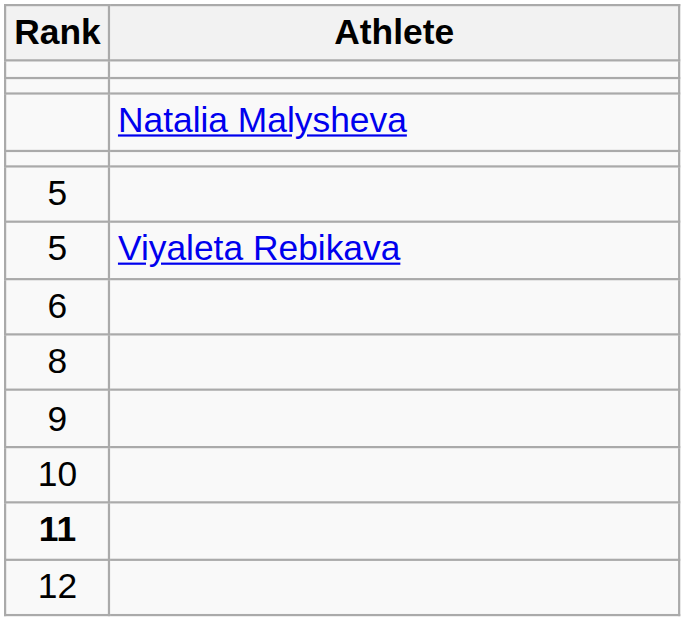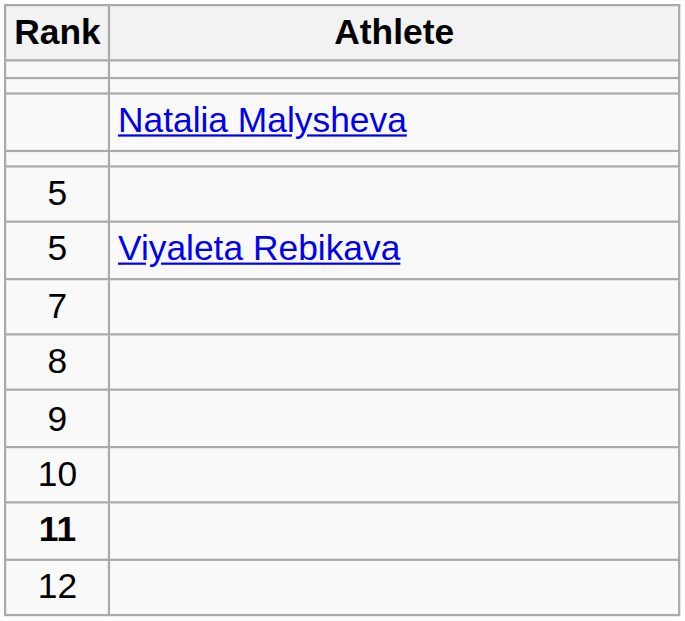 <table class="wikitable" style="text-align: center;">
 <tr>
 <th width=40>Rank</th>
 <th width=250>Athlete</th>
 </tr>
 <tr>
 <td></td>
 <td align="left"></td>
 </tr>
 <tr>
 <td></td>
 <td align="left"></td>
 </tr>
 <tr>
 <td></td>
 <td align="left"> <a href='#'>Natalia Malysheva</a> </td>
 </tr>
 <tr>
 <td></td>
 <td align="left"></td>
 </tr>
 <tr>
 <td>5</td>
 <td align="left"></td>
 </tr>
 <tr>
 <td>5</td>
 <td align="left"> <a href='#'>Viyaleta Rebikava</a> </td>
 </tr>
 <tr>
-<td>6</td>
+<td>7</td>
 <td align="left"></td>
 </tr>
 <tr>
 <td>8</td>
 <td align="left"></td>
 </tr>
 <tr>
 <td>9</td>
 <td align="left"></td>
 </tr>
 <tr>
 <td>10</td>
 <td align="left"></td>
 </tr>
 <tr>
 <td><strong>11</strong></td>
 <td align="left"></td>
 </tr>
 <tr>
 <td>12</td>
 <td align="left"></td>
 </tr>
 </table>
